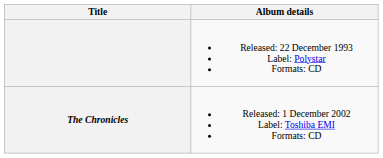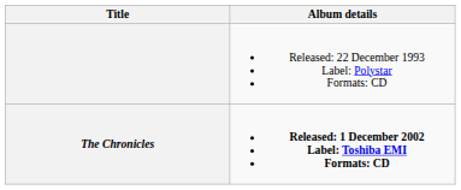 <table class="wikitable plainrowheaders" style="text-align:center;">
 <tr>
 <th scope="col" style="width:19em;">Title</th>
 <th scope="col" style="width:19em;">Album details</th>
 </tr>
 <tr>
 <th scope="row"></th>
 <td><br><ul><li>Released: 22 December 1993</li><li>Label: <a href='#'>Polystar</a></li><li>Formats: CD</li></ul></td>
 </tr>
 <tr>
 <th scope="row"><em>The Chronicles</em></th>
-<td><br><ul><li>Released: 1 December 2002</li><li>Label: <a href='#'>Toshiba EMI</a></li><li>Formats: CD</li></ul></td>
+<td><strong><br><ul><li>Released: 1 December 2002</li><li>Label: <a href='#'>Toshiba EMI</a></li><li>Formats: CD</li></ul></strong></td>
 </tr>
 </table>
